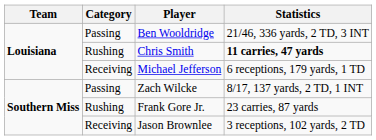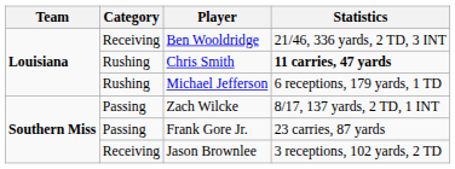 <table class="wikitable" style="float: left;">
 <tr>
 <th>Team</th>
 <th>Category</th>
 <th>Player</th>
 <th>Statistics</th>
 </tr>
 <tr>
 <td rowspan=3><strong>Louisiana</strong></td>
-<td>Passing</td>
+<td>Receiving</td>
 <td><a href='#'>Ben Wooldridge</a></td>
 <td>21/46, 336 yards, 2 TD, 3 INT</td>
 </tr>
 <tr>
 <td>Rushing</td>
 <td><a href='#'>Chris Smith</a></td>
 <td><strong>11 carries, 47 yards</strong></td>
 </tr>
 <tr>
-<td>Receiving</td>
+<td>Rushing</td>
 <td><a href='#'>Michael Jefferson</a></td>
 <td>6 receptions, 179 yards, 1 TD</td>
 </tr>
 <tr>
 <td rowspan=3><strong>Southern Miss</strong></td>
 <td>Passing</td>
 <td>Zach Wilcke</td>
 <td>8/17, 137 yards, 2 TD, 1 INT</td>
 </tr>
 <tr>
-<td>Rushing</td>
+<td>Passing</td>
 <td>Frank Gore Jr.</td>
 <td>23 carries, 87 yards</td>
 </tr>
 <tr>
 <td>Receiving</td>
 <td>Jason Brownlee</td>
 <td>3 receptions, 102 yards, 2 TD</td>
 </tr>
 </table>
